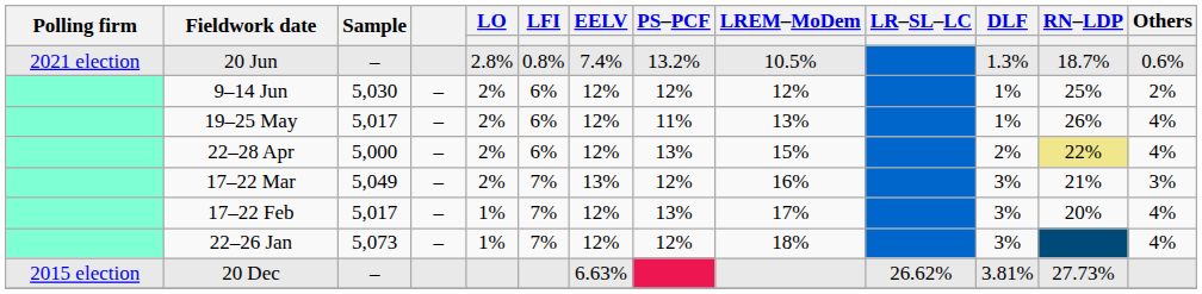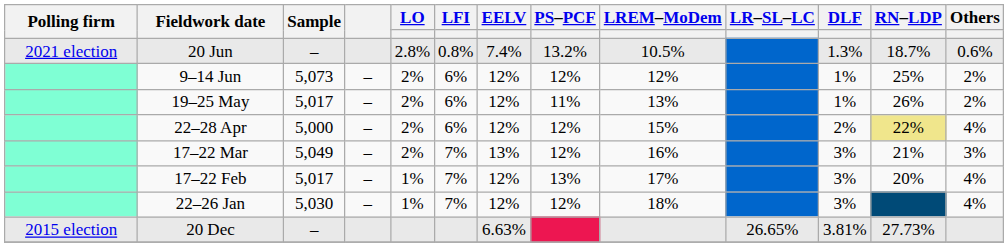 <table class="wikitable" style="text-align:center;font-size:85%;line-height:14px;">
 <tr>
 <th rowspan="2" style="width:100px;">Polling firm</th>
 <th rowspan="2" style="width:110px;">Fieldwork date</th>
 <th rowspan="2" style="width:35px;">Sample</th>
 <th rowspan="2" style="width:30px;"></th>
 <th><a href='#'>LO</a></th>
 <th><a href='#'>LFI</a></th>
 <th><a href='#'>EELV</a></th>
 <th><a href='#'>PS</a>–<a href='#'>PCF</a></th>
 <th><a href='#'>LREM</a>–<a href='#'>MoDem</a></th>
 <th><a href='#'>LR</a>–<a href='#'>SL</a>–<a href='#'>LC</a></th>
 <th><a href='#'>DLF</a></th>
 <th><a href='#'>RN</a>–<a href='#'>LDP</a></th>
 <th>Others</th>
 </tr>
 <tr>
 <th style="background:"></th>
 <th style="background:"></th>
 <th style="background:"></th>
 <th style="background:"></th>
 <th style="background:"></th>
 <th style="background:"></th>
 <th style="background:"></th>
 <th style="background:"></th>
 <th style="background:"></th>
 </tr>
 <tr style="background:#E9E9E9;">
 <td><a href='#'>2021 election</a></td>
 <td data-sort-value="2021-06-20">20 Jun</td>
 <td>–</td>
 <td></td>
 <td>2.8%</td>
 <td>0.8%</td>
 <td>7.4%</td>
 <td>13.2%</td>
 <td>10.5%</td>
 <td style="background:#0066CC;"><strong></strong></td>
 <td>1.3%</td>
 <td>18.7%</td>
 <td>0.6%</td>
 </tr>
 <tr>
 <td style="background:aquamarine;"></td>
 <td data-sort-value="2021-05-25">9–14 Jun</td>
-<td>5,030</td>
+<td>5,073</td>
 <td>–</td>
 <td>2%</td>
 <td>6%</td>
 <td>12%</td>
 <td>12%</td>
 <td>12%</td>
 <td style="background:#0066CC;"><strong></strong></td>
 <td>1%</td>
 <td>25%</td>
 <td>2%</td>
 </tr>
 <tr>
 <td style="background:aquamarine;"></td>
 <td data-sort-value="2021-05-25">19–25 May</td>
 <td>5,017</td>
 <td>–</td>
 <td>2%</td>
 <td>6%</td>
 <td>12%</td>
 <td>11%</td>
 <td>13%</td>
 <td style="background:#0066CC;"><strong></strong></td>
 <td>1%</td>
 <td>26%</td>
-<td>4%</td>
+<td>2%</td>
 </tr>
 <tr>
 <td style="background:aquamarine;"></td>
 <td data-sort-value="2021-04-28">22–28 Apr</td>
 <td>5,000</td>
 <td>–</td>
 <td>2%</td>
 <td>6%</td>
 <td>12%</td>
-<td>13%</td>
+<td>12%</td>
 <td>15%</td>
 <td style="background:#0066CC;"><strong></strong></td>
 <td>2%</td>
 <td style="background: khaki;">22%</td>
 <td>4%</td>
 </tr>
 <tr>
 <td style="background:aquamarine;"></td>
 <td data-sort-value="2021-03-22">17–22 Mar</td>
 <td>5,049</td>
 <td>–</td>
 <td>2%</td>
 <td>7%</td>
 <td>13%</td>
 <td>12%</td>
 <td>16%</td>
 <td style="background:#0066CC;"><strong></strong></td>
 <td>3%</td>
 <td>21%</td>
 <td>3%</td>
 </tr>
 <tr>
 <td style="background:aquamarine;"></td>
 <td data-sort-value="2021-02-22">17–22 Feb</td>
 <td>5,017</td>
 <td>–</td>
 <td>1%</td>
 <td>7%</td>
 <td>12%</td>
 <td>13%</td>
 <td>17%</td>
 <td style="background:#0066CC;"><strong></strong></td>
 <td>3%</td>
 <td>20%</td>
 <td>4%</td>
 </tr>
 <tr>
 <td style="background:aquamarine;"></td>
 <td data-sort-value="2021-01-26">22–26 Jan</td>
-<td>5,073</td>
+<td>5,030</td>
 <td>–</td>
 <td>1%</td>
 <td>7%</td>
 <td>12%</td>
 <td>12%</td>
 <td>18%</td>
 <td style="background:#0066CC;"><strong></strong></td>
 <td>3%</td>
 <td style="background:#004A77;"><strong></strong></td>
 <td>4%</td>
 </tr>
 <tr style="background:#E9E9E9;">
 <td><a href='#'>2015 election</a></td>
 <td data-sort-value="2021-06-20">20 Dec</td>
 <td>–</td>
 <td></td>
 <td></td>
 <td></td>
 <td>6.63%</td>
 <td style="background:#ED1651;"></td>
 <td></td>
-<td>26.62%</td>
+<td>26.65%</td>
 <td>3.81%</td>
 <td>27.73%</td>
 <td></td>
 </tr>
 <tr>
 </tr>
 </table>
